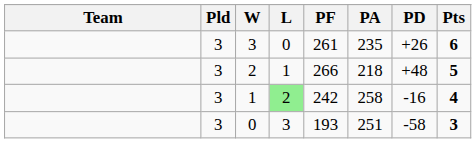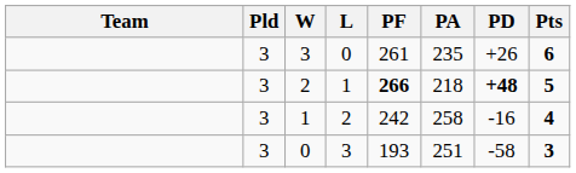 <table class=wikitable>
 <tr align=center>
 </tr>
 <tr>
 <th width=180>Team</th>
 <th width=25>Pld</th>
 <th width=25>W</th>
 <th width=25>L</th>
 <th width=35>PF</th>
 <th width=35>PA</th>
 <th width=35>PD</th>
 <th width=25>Pts</th>
 </tr>
 <tr align=center>
 <td align=left></td>
 <td>3</td>
 <td>3</td>
 <td>0</td>
 <td>261</td>
 <td>235</td>
 <td>+26</td>
 <td><strong>6</strong></td>
 </tr>
 <tr align=center>
 <td align=left></td>
 <td>3</td>
 <td>2</td>
 <td>1</td>
-<td>266</td>
+<td><strong>266</strong></td>
 <td>218</td>
-<td>+48</td>
+<td><strong>+48</strong></td>
 <td><strong>5</strong></td>
 </tr>
 <tr align=center>
 <td align=left></td>
 <td>3</td>
 <td>1</td>
-<td style="background: lightgreen;">2</td>
+<td>2</td>
 <td>242</td>
 <td>258</td>
 <td>-16</td>
 <td><strong>4</strong></td>
 </tr>
 <tr align=center>
 <td align=left></td>
 <td>3</td>
 <td>0</td>
 <td>3</td>
 <td>193</td>
 <td>251</td>
 <td>-58</td>
 <td><strong>3</strong></td>
 </tr>
 </table>
